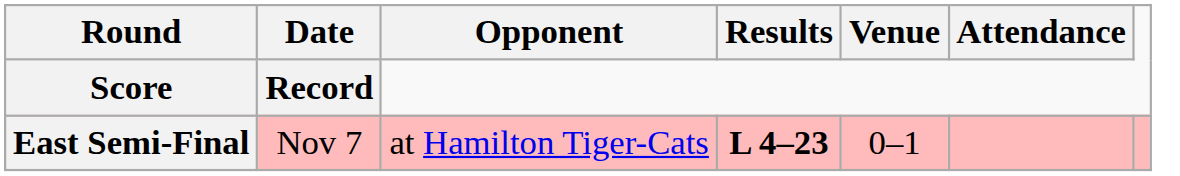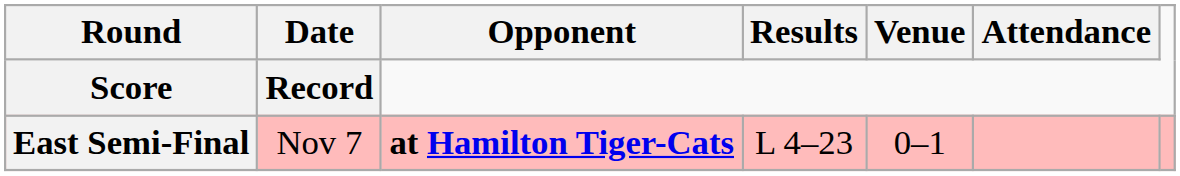 <table class="wikitable" style="text-align:center">
 <tr>
 <th>Round</th>
 <th>Date</th>
 <th>Opponent</th>
 <th>Results</th>
 <th>Venue</th>
 <th>Attendance</th>
 </tr>
 <tr>
 <th>Score</th>
 <th>Record</th>
 </tr>
 <tr style="background:#ffbbbb">
 <th>East Semi-Final</th>
 <td>Nov 7</td>
-<td>at <a href='#'>Hamilton Tiger-Cats</a></td>
-<td><strong>L 4–23</strong></td>
+<td><strong>at <a href='#'>Hamilton Tiger-Cats</a></strong></td>
+<td>L 4–23</td>
 <td>0–1</td>
 <td></td>
 <td></td>
 </tr>
 </table>
